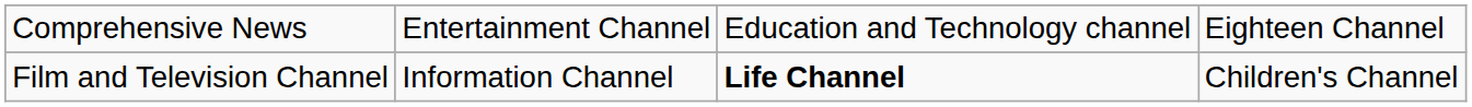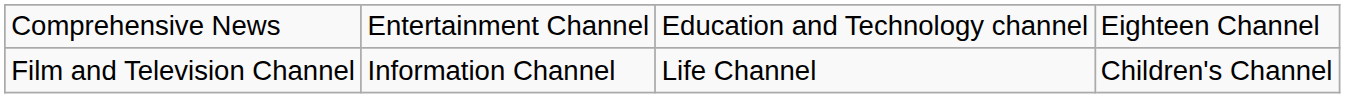 <table class="wikitable">
 <tr>
 <td>Comprehensive News</td>
 <td>Entertainment Channel</td>
 <td>Education and Technology channel</td>
 <td>Eighteen Channel</td>
 </tr>
 <tr>
 <td>Film and Television Channel</td>
 <td>Information Channel</td>
-<td><strong>Life Channel</strong></td>
+<td>Life Channel</td>
 <td>Children's Channel</td>
 </tr>
 </table>
